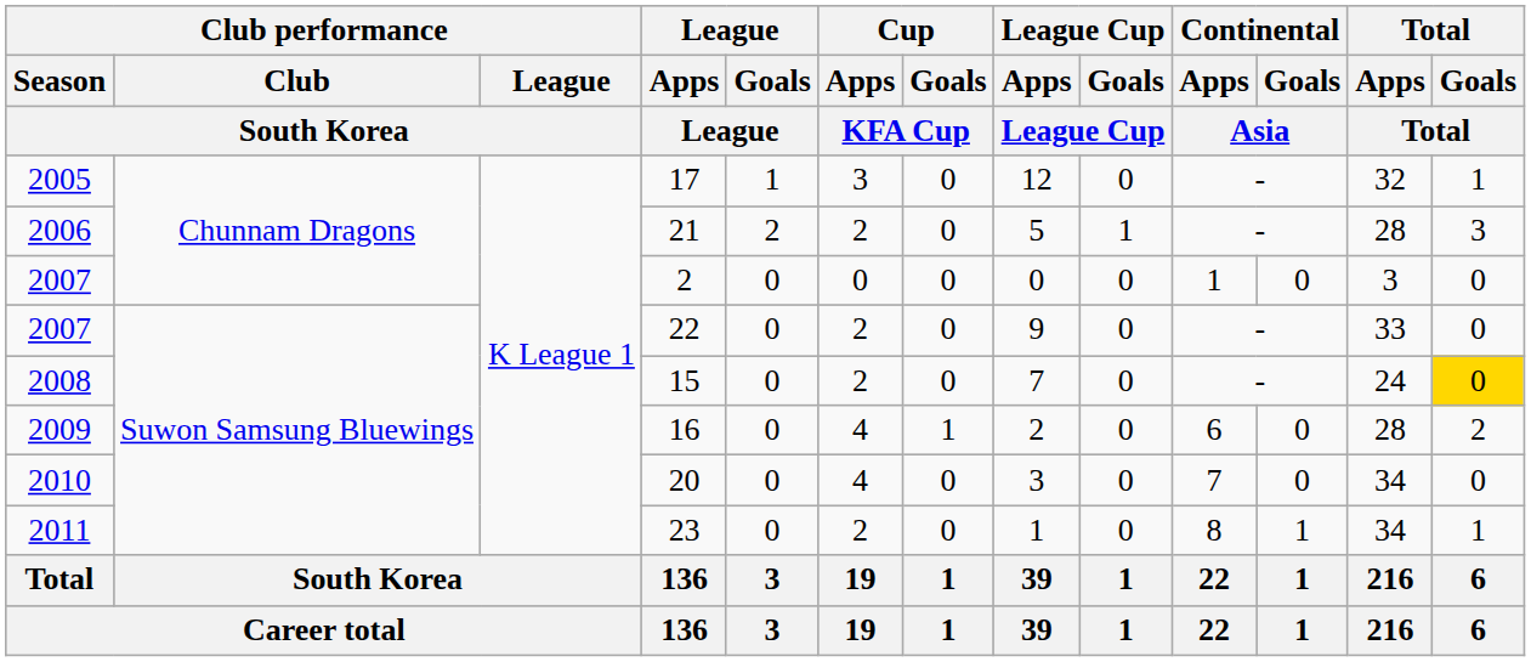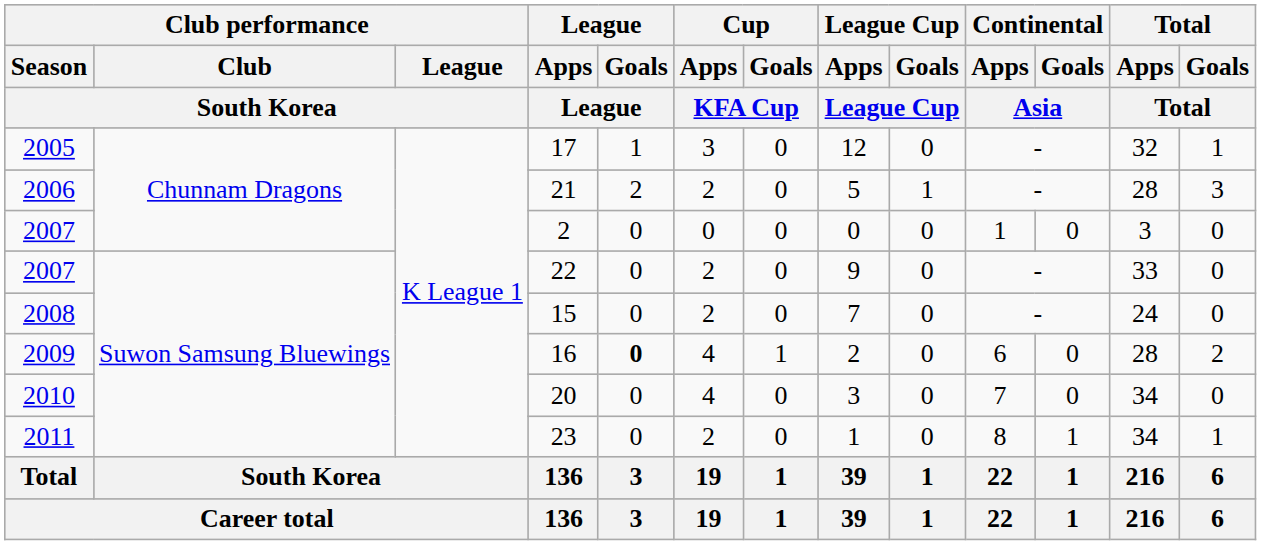 <table class="wikitable" style="text-align:center">
 <tr>
 <th colspan=3>Club performance</th>
 <th colspan=2>League</th>
 <th colspan=2>Cup</th>
 <th colspan=2>League Cup</th>
 <th colspan=2>Continental</th>
 <th colspan=2>Total</th>
 </tr>
 <tr>
 <th>Season</th>
 <th>Club</th>
 <th>League</th>
 <th>Apps</th>
 <th>Goals</th>
 <th>Apps</th>
 <th>Goals</th>
 <th>Apps</th>
 <th>Goals</th>
 <th>Apps</th>
 <th>Goals</th>
 <th>Apps</th>
 <th>Goals</th>
 </tr>
 <tr>
 <th colspan=3>South Korea</th>
 <th colspan=2>League</th>
 <th colspan=2><a href='#'>KFA Cup</a></th>
 <th colspan=2><a href='#'>League Cup</a></th>
 <th colspan=2><a href='#'>Asia</a></th>
 <th colspan=2>Total</th>
 </tr>
 <tr>
 <td><a href='#'>2005</a></td>
 <td rowspan="3"><a href='#'>Chunnam Dragons</a></td>
 <td rowspan="8"><a href='#'>K League 1</a></td>
 <td>17</td>
 <td>1</td>
 <td>3</td>
 <td>0</td>
 <td>12</td>
 <td>0</td>
 <td colspan="2">-</td>
 <td>32</td>
 <td>1</td>
 </tr>
 <tr>
 <td><a href='#'>2006</a></td>
 <td>21</td>
 <td>2</td>
 <td>2</td>
 <td>0</td>
 <td>5</td>
 <td>1</td>
 <td colspan="2">-</td>
 <td>28</td>
 <td>3</td>
 </tr>
 <tr>
 <td><a href='#'>2007</a></td>
 <td>2</td>
 <td>0</td>
 <td>0</td>
 <td>0</td>
 <td>0</td>
 <td>0</td>
 <td>1</td>
 <td>0</td>
 <td>3</td>
 <td>0</td>
 </tr>
 <tr>
 <td><a href='#'>2007</a></td>
 <td rowspan="5"><a href='#'>Suwon Samsung Bluewings</a></td>
 <td>22</td>
 <td>0</td>
 <td>2</td>
 <td>0</td>
 <td>9</td>
 <td>0</td>
 <td colspan="2">-</td>
 <td>33</td>
 <td>0</td>
 </tr>
 <tr>
 <td><a href='#'>2008</a></td>
 <td>15</td>
 <td>0</td>
 <td>2</td>
 <td>0</td>
 <td>7</td>
 <td>0</td>
 <td colspan="2">-</td>
 <td>24</td>
-<td style="background: gold;">0</td>
+<td>0</td>
 </tr>
 <tr>
 <td><a href='#'>2009</a></td>
 <td>16</td>
-<td>0</td>
+<td><strong>0</strong></td>
 <td>4</td>
 <td>1</td>
 <td>2</td>
 <td>0</td>
 <td>6</td>
 <td>0</td>
 <td>28</td>
 <td>2</td>
 </tr>
 <tr>
 <td><a href='#'>2010</a></td>
 <td>20</td>
 <td>0</td>
 <td>4</td>
 <td>0</td>
 <td>3</td>
 <td>0</td>
 <td>7</td>
 <td>0</td>
 <td>34</td>
 <td>0</td>
 </tr>
 <tr>
 <td><a href='#'>2011</a></td>
 <td>23</td>
 <td>0</td>
 <td>2</td>
 <td>0</td>
 <td>1</td>
 <td>0</td>
 <td>8</td>
 <td>1</td>
 <td>34</td>
 <td>1</td>
 </tr>
 <tr>
 <th rowspan=1>Total</th>
 <th colspan=2>South Korea</th>
 <th>136</th>
 <th>3</th>
 <th>19</th>
 <th>1</th>
 <th>39</th>
 <th>1</th>
 <th>22</th>
 <th>1</th>
 <th>216</th>
 <th>6</th>
 </tr>
 <tr>
 <th colspan=3>Career total</th>
 <th>136</th>
 <th>3</th>
 <th>19</th>
 <th>1</th>
 <th>39</th>
 <th>1</th>
 <th>22</th>
 <th>1</th>
 <th>216</th>
 <th>6</th>
 </tr>
 </table>
